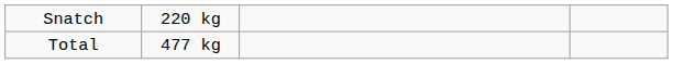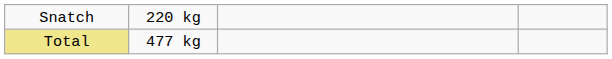 <table class = "wikitable" style="text-align:center;">
 <tr>
 <td width=100>Snatch</td>
 <td width=70>220 kg</td>
 <td width=250 align=left></td>
 <td width=70></td>
 </tr>
 <tr>
-<td>Total</td>
+<td style="background: khaki;">Total</td>
 <td>477 kg</td>
 <td align=left></td>
 <td></td>
 </tr>
 </table>
